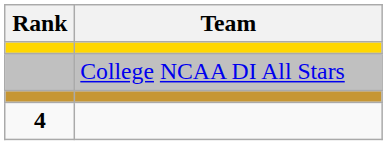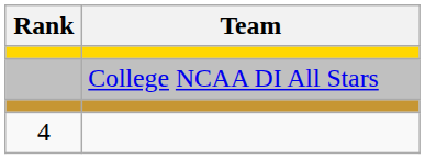 <table class="wikitable" style="text-align:center;">
 <tr>
 <th width=40>Rank</th>
 <th width=200>Team</th>
 </tr>
 <tr bgcolor="gold">
 <td></td>
 <td style="text-align:left;"></td>
 </tr>
 <tr bgcolor="silver">
 <td></td>
 <td style="text-align:left;"> <a href='#'>College</a> <a href='#'>NCAA DI All Stars</a></td>
 </tr>
 <tr bgcolor="#C69633">
 <td></td>
 <td style="text-align:left;"></td>
 </tr>
 <tr>
-<td><strong>4</strong></td>
+<td>4</td>
 <td style="text-align:left;"></td>
 </tr>
 </table>
